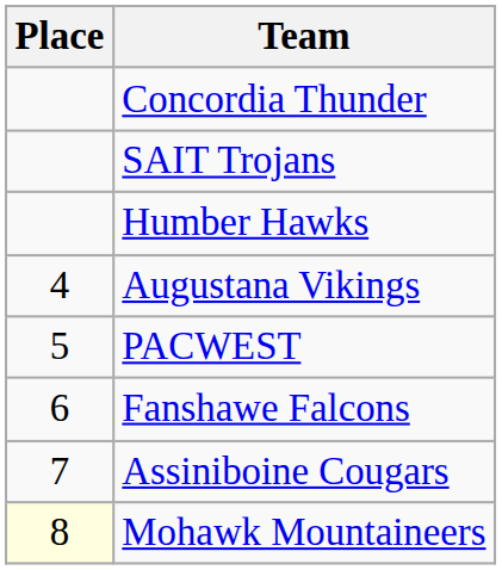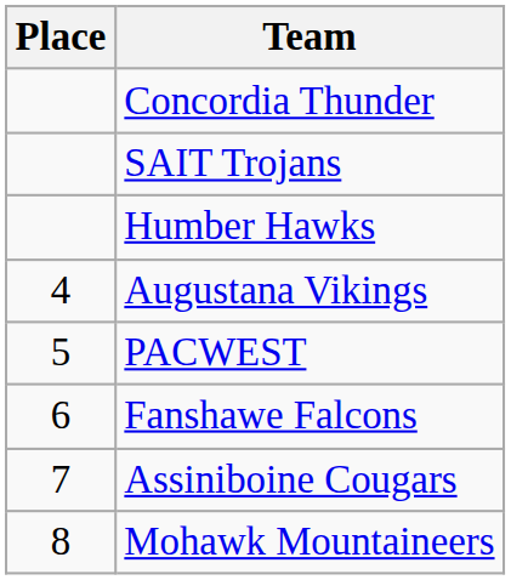 <table class="wikitable">
 <tr>
 <th>Place</th>
 <th>Team</th>
 </tr>
 <tr>
 <td align=center></td>
 <td> <a href='#'>Concordia Thunder</a></td>
 </tr>
 <tr>
 <td align=center></td>
 <td> <a href='#'>SAIT Trojans</a></td>
 </tr>
 <tr>
 <td align=center></td>
 <td> <a href='#'>Humber Hawks</a></td>
 </tr>
 <tr>
 <td align=center>4</td>
 <td> <a href='#'>Augustana Vikings</a></td>
 </tr>
 <tr>
 <td align=center>5</td>
 <td> <a href='#'>PACWEST</a></td>
 </tr>
 <tr>
 <td align=center>6</td>
 <td> <a href='#'>Fanshawe Falcons</a></td>
 </tr>
 <tr>
 <td align=center>7</td>
 <td> <a href='#'>Assiniboine Cougars</a></td>
 </tr>
 <tr>
-<td align=center style="background: lightyellow;">8</td>
+<td align=center>8</td>
 <td> <a href='#'>Mohawk Mountaineers</a></td>
 </tr>
 </table>
